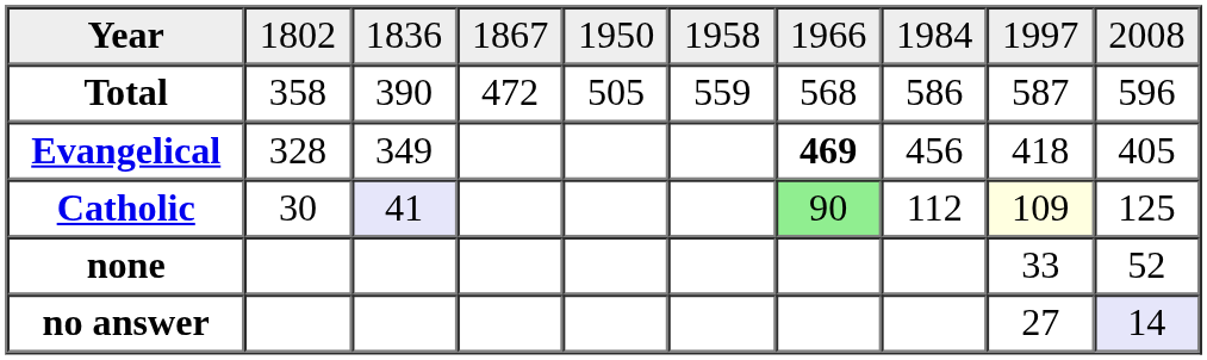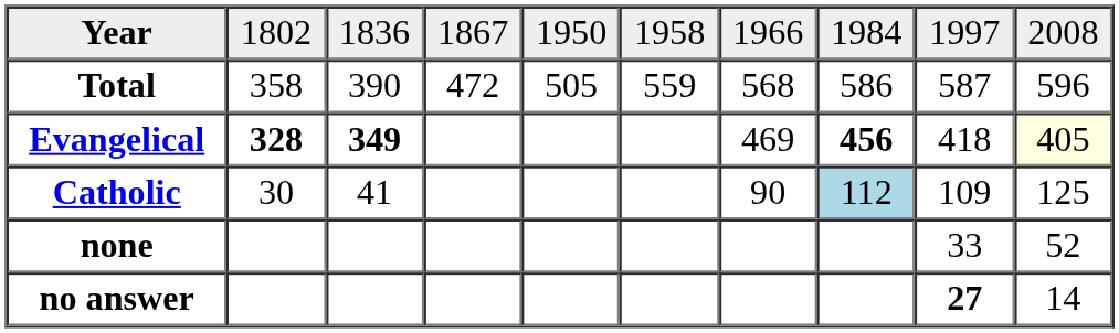 <table border="1" cellpadding="2" cellspacing="0" width="500">
 <tr bgcolor="#eeeeee" align="center">
 <td><strong>Year</strong></td>
 <td>1802</td>
 <td>1836</td>
 <td>1867</td>
 <td>1950</td>
 <td>1958</td>
 <td>1966</td>
 <td>1984</td>
 <td>1997</td>
 <td>2008</td>
 </tr>
 <tr align="center">
 <td><strong>Total</strong></td>
 <td>358</td>
 <td>390</td>
 <td>472</td>
 <td>505</td>
 <td>559</td>
 <td>568</td>
 <td>586</td>
 <td>587</td>
 <td>596</td>
 </tr>
 <tr align="center">
 <td><strong><a href='#'>Evangelical</a></strong></td>
-<td>328</td>
-<td>349</td>
+<td><strong>328</strong></td>
+<td><strong>349</strong></td>
 <td> </td>
 <td> </td>
 <td> </td>
-<td><strong>469</strong></td>
-<td>456</td>
+<td>469</td>
+<td><strong>456</strong></td>
 <td>418</td>
-<td>405</td>
+<td style="background: lightyellow;">405</td>
 </tr>
 <tr align="center">
 <td><strong><a href='#'>Catholic</a></strong></td>
 <td>30</td>
-<td style="background: lavender;">41</td>
+<td>41</td>
 <td> </td>
 <td> </td>
 <td> </td>
-<td style="background: lightgreen;">90</td>
-<td>112</td>
-<td style="background: lightyellow;">109</td>
+<td>90</td>
+<td style="background: lightblue;">112</td>
+<td>109</td>
 <td>125</td>
 </tr>
 <tr align="center">
 <td><strong>none</strong></td>
 <td> </td>
 <td> </td>
 <td> </td>
 <td> </td>
 <td> </td>
 <td> </td>
 <td> </td>
 <td>33</td>
 <td>52</td>
 </tr>
 <tr align="center">
 <td><strong>no answer</strong></td>
 <td> </td>
 <td> </td>
 <td> </td>
 <td> </td>
 <td> </td>
 <td> </td>
 <td> </td>
-<td>27</td>
-<td style="background: lavender;">14</td>
+<td><strong>27</strong></td>
+<td>14</td>
 </tr>
 </table>
